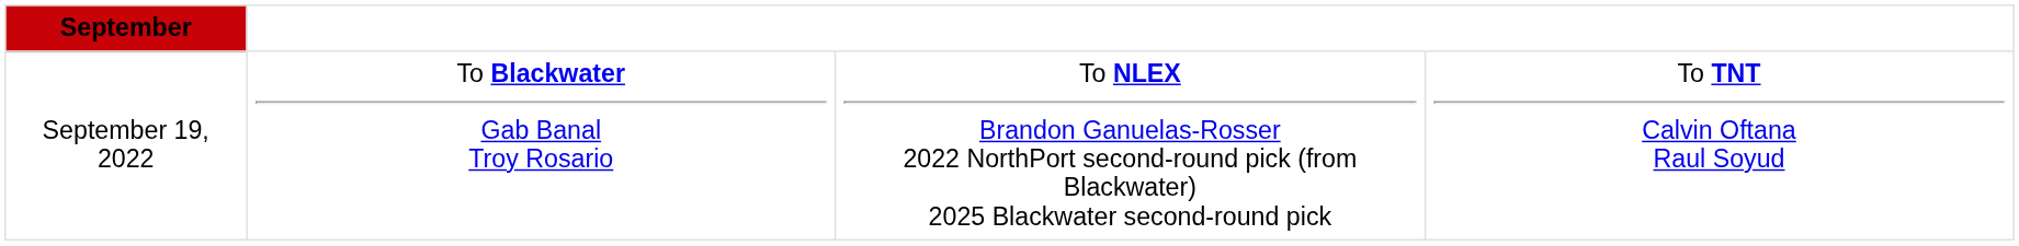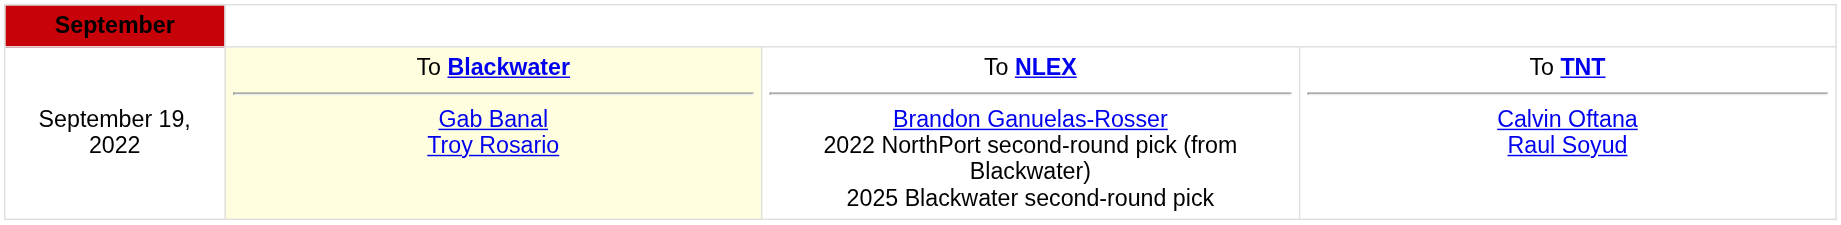 <table border=1 style="border-collapse:collapse; text-align: center; width: 100%" bordercolor="#DFDFDF"  cellpadding="5">
 <tr bgcolor="eeeeee">
 <th style="background:#C70309; color:#000000; ">September</th>
 </tr>
 <tr>
 <td style="width:12%">September 19, 2022</td>
-<td style="width:29.3%" valign="top">To <strong><a href='#'>Blackwater</a></strong><hr><a href='#'>Gab Banal</a><br><a href='#'>Troy Rosario</a></td>
+<td style="background: lightyellow; width:29.3%" valign="top">To <strong><a href='#'>Blackwater</a></strong><hr><a href='#'>Gab Banal</a><br><a href='#'>Troy Rosario</a></td>
 <td style="width:29.3%" valign="top">To <strong><a href='#'>NLEX</a></strong><hr><a href='#'>Brandon Ganuelas-Rosser</a><br>2022 NorthPort second-round pick (from Blackwater)<br>2025 Blackwater second-round pick</td>
 <td style="width:29.3%" valign="top">To <strong><a href='#'>TNT</a></strong><hr><a href='#'>Calvin Oftana</a><br><a href='#'>Raul Soyud</a></td>
 </tr>
 </table>
